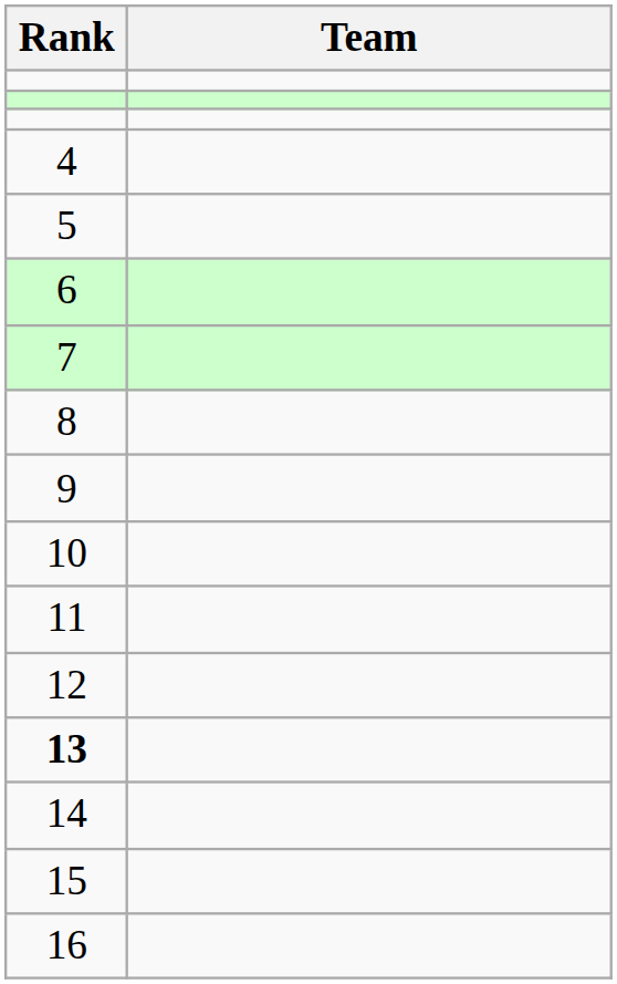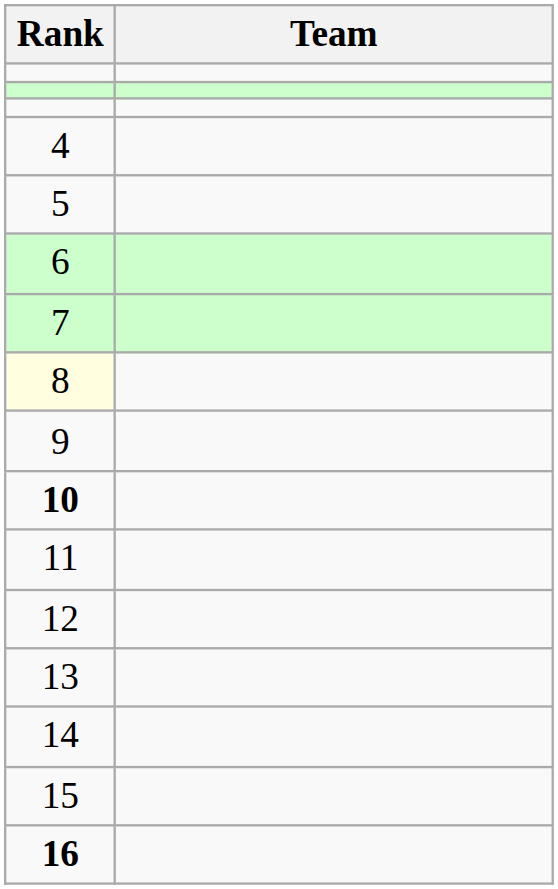 <table class="wikitable" style="text-align:center">
 <tr>
 <th width=40>Rank</th>
 <th width=180>Team</th>
 </tr>
 <tr>
 <td></td>
 <td style="text-align:left"></td>
 </tr>
 <tr bgcolor=#ccffcc>
 <td></td>
 <td style="text-align:left"></td>
 </tr>
 <tr>
 <td></td>
 <td style="text-align:left"></td>
 </tr>
 <tr>
 <td>4</td>
 <td style="text-align:left"></td>
 </tr>
 <tr>
 <td>5</td>
 <td style="text-align:left"></td>
 </tr>
 <tr bgcolor=#ccffcc>
 <td>6</td>
 <td style="text-align:left"></td>
 </tr>
 <tr bgcolor=#ccffcc>
 <td>7</td>
 <td style="text-align:left"></td>
 </tr>
 <tr>
-<td>8</td>
+<td style="background: lightyellow;">8</td>
 <td style="text-align:left"></td>
 </tr>
 <tr>
 <td>9</td>
 <td style="text-align:left"></td>
 </tr>
 <tr>
-<td>10</td>
+<td><strong>10</strong></td>
 <td style="text-align:left"></td>
 </tr>
 <tr>
 <td>11</td>
 <td style="text-align:left"></td>
 </tr>
 <tr>
 <td>12</td>
 <td style="text-align:left"></td>
 </tr>
 <tr>
-<td><strong>13</strong></td>
+<td>13</td>
 <td style="text-align:left"></td>
 </tr>
 <tr>
 <td>14</td>
 <td style="text-align:left"></td>
 </tr>
 <tr>
 <td>15</td>
 <td style="text-align:left"></td>
 </tr>
 <tr>
-<td>16</td>
+<td><strong>16</strong></td>
 <td style="text-align:left"></td>
 </tr>
 </table>
